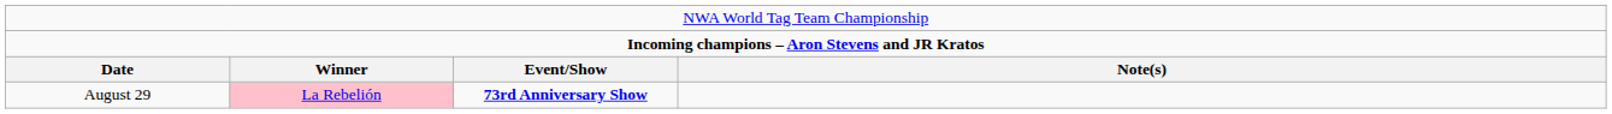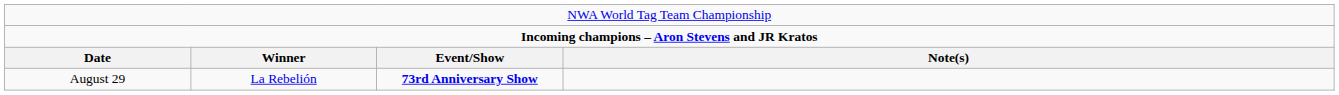 <table class="wikitable" style="text-align:center; width:100%;">
 <tr>
 <td colspan="4" style="text-align: center;"><a href='#'>NWA World Tag Team Championship</a></td>
 </tr>
 <tr>
 <td colspan="4" style="text-align: center;"><strong>Incoming champions – <a href='#'>Aron Stevens</a> and JR Kratos</strong></td>
 </tr>
 <tr>
 <th width=14%>Date</th>
 <th width=14%>Winner</th>
 <th width=14%>Event/Show</th>
 <th width=58%>Note(s)</th>
 </tr>
 <tr>
 <td>August 29</td>
-<td style="background: pink;"><a href='#'>La Rebelión</a><br></td>
+<td><a href='#'>La Rebelión</a><br></td>
 <td><strong><a href='#'>73rd Anniversary Show</a></strong></td>
 <td></td>
 </tr>
 </table>
